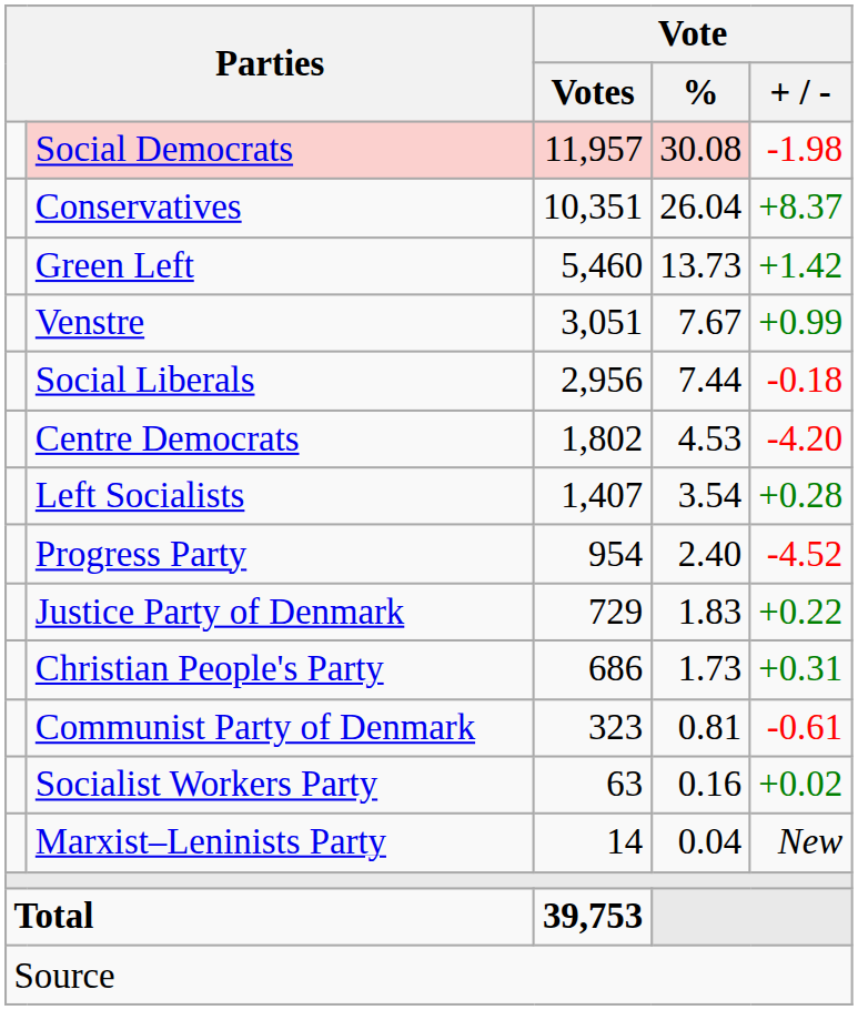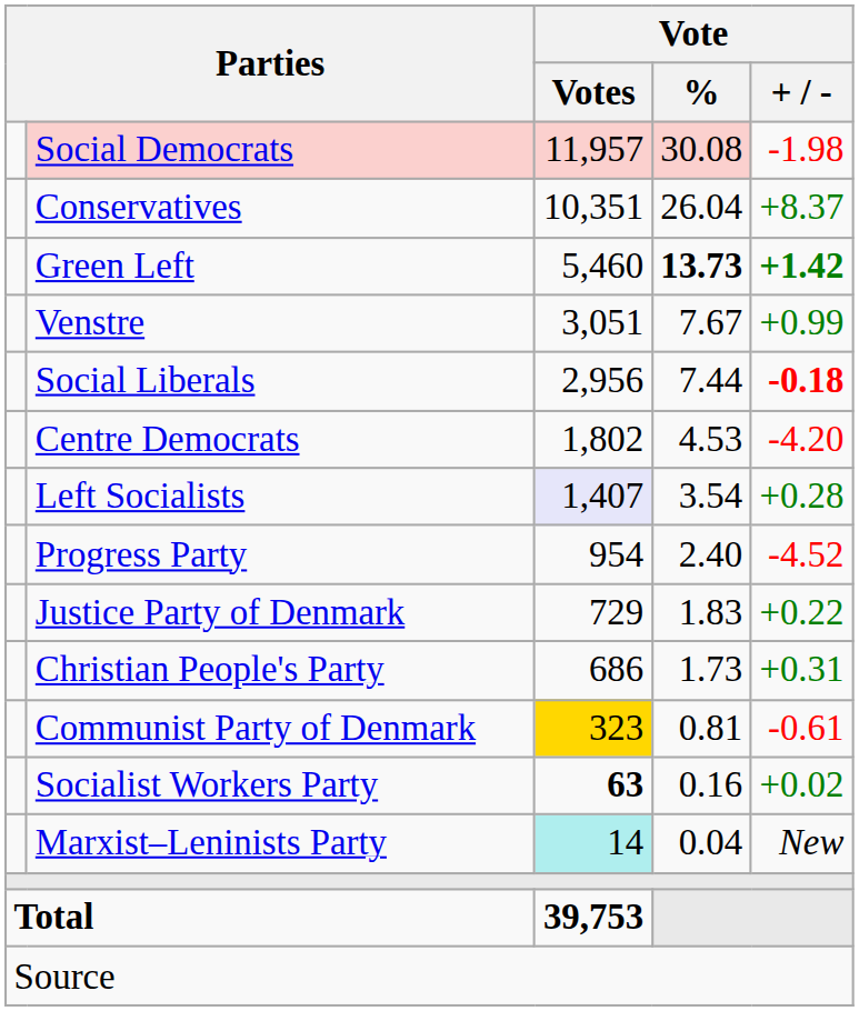 <table class="wikitable" style="text-align:right;">
 <tr>
 <th style="text-align:centre;" rowspan="2" colspan="2" width="225">Parties</th>
 <th colspan="3">Vote</th>
 </tr>
 <tr>
 <th width="15">Votes</th>
 <th width="15">%</th>
 <th width="15">+ / -</th>
 </tr>
 <tr>
 <td width="2" style="color:inherit;background:"></td>
 <td bgcolor=#fbd0ce  align="left"><a href='#'>Social Democrats</a></td>
 <td bgcolor=#fbd0ce>11,957</td>
 <td bgcolor=#fbd0ce>30.08</td>
 <td style=color:red;>-1.98</td>
 </tr>
 <tr>
 <td width="2" style="color:inherit;background:"></td>
 <td align="left"><a href='#'>Conservatives</a></td>
 <td>10,351</td>
 <td>26.04</td>
 <td style=color:green;>+8.37</td>
 </tr>
 <tr>
 <td width="2" style="color:inherit;background:"></td>
 <td align="left"><a href='#'>Green Left</a></td>
 <td>5,460</td>
-<td>13.73</td>
-<td style=color:green;>+1.42</td>
+<td><strong>13.73</strong></td>
+<td style=color:green;><strong>+1.42</strong></td>
 </tr>
 <tr>
 <td width="2" style="color:inherit;background:"></td>
 <td align="left"><a href='#'>Venstre</a></td>
 <td>3,051</td>
 <td>7.67</td>
 <td style=color:green;>+0.99</td>
 </tr>
 <tr>
 <td width="2" style="color:inherit;background:"></td>
 <td align="left"><a href='#'>Social Liberals</a></td>
 <td>2,956</td>
 <td>7.44</td>
-<td style=color:red;>-0.18</td>
+<td style=color:red;><strong>-0.18</strong></td>
 </tr>
 <tr>
 <td width="2" style="color:inherit;background:"></td>
 <td align="left"><a href='#'>Centre Democrats</a></td>
 <td>1,802</td>
 <td>4.53</td>
 <td style=color:red;>-4.20</td>
 </tr>
 <tr>
 <td width="2" style="color:inherit;background:"></td>
 <td align="left"><a href='#'>Left Socialists</a></td>
-<td>1,407</td>
+<td style="background: lavender;">1,407</td>
 <td>3.54</td>
 <td style=color:green;>+0.28</td>
 </tr>
 <tr>
 <td width="2" style="color:inherit;background:"></td>
 <td align="left"><a href='#'>Progress Party</a></td>
 <td>954</td>
 <td>2.40</td>
 <td style=color:red;>-4.52</td>
 </tr>
 <tr>
 <td width="2" style="color:inherit;background:"></td>
 <td align="left"><a href='#'>Justice Party of Denmark</a></td>
 <td>729</td>
 <td>1.83</td>
 <td style=color:green;>+0.22</td>
 </tr>
 <tr>
 <td width="2" style="color:inherit;background:"></td>
 <td align="left"><a href='#'>Christian People's Party</a></td>
 <td>686</td>
 <td>1.73</td>
 <td style=color:green;>+0.31</td>
 </tr>
 <tr>
 <td width="2" style="color:inherit;background:"></td>
 <td align="left"><a href='#'>Communist Party of Denmark</a></td>
-<td>323</td>
+<td style="background: gold;">323</td>
 <td>0.81</td>
 <td style=color:red;>-0.61</td>
 </tr>
 <tr>
 <td width="2" style="color:inherit;background:"></td>
 <td align="left"><a href='#'>Socialist Workers Party</a></td>
-<td>63</td>
+<td><strong>63</strong></td>
 <td>0.16</td>
 <td style=color:green;>+0.02</td>
 </tr>
 <tr>
 <td width="2" style="color:inherit;background:"></td>
 <td align="left"><a href='#'>Marxist–Leninists Party</a></td>
-<td>14</td>
+<td style="background: paleturquoise;">14</td>
 <td>0.04</td>
 <td><em>New</em></td>
 </tr>
 <tr>
 <td colspan="7" bgcolor="#E9E9E9"></td>
 </tr>
 <tr>
 <td align="left" colspan="2"><strong>Total</strong></td>
 <td><strong>39,753</strong></td>
 <td bgcolor="#E9E9E9" colspan="2"></td>
 </tr>
 <tr>
 <td align="left" colspan="6">Source</td>
 </tr>
 </table>
